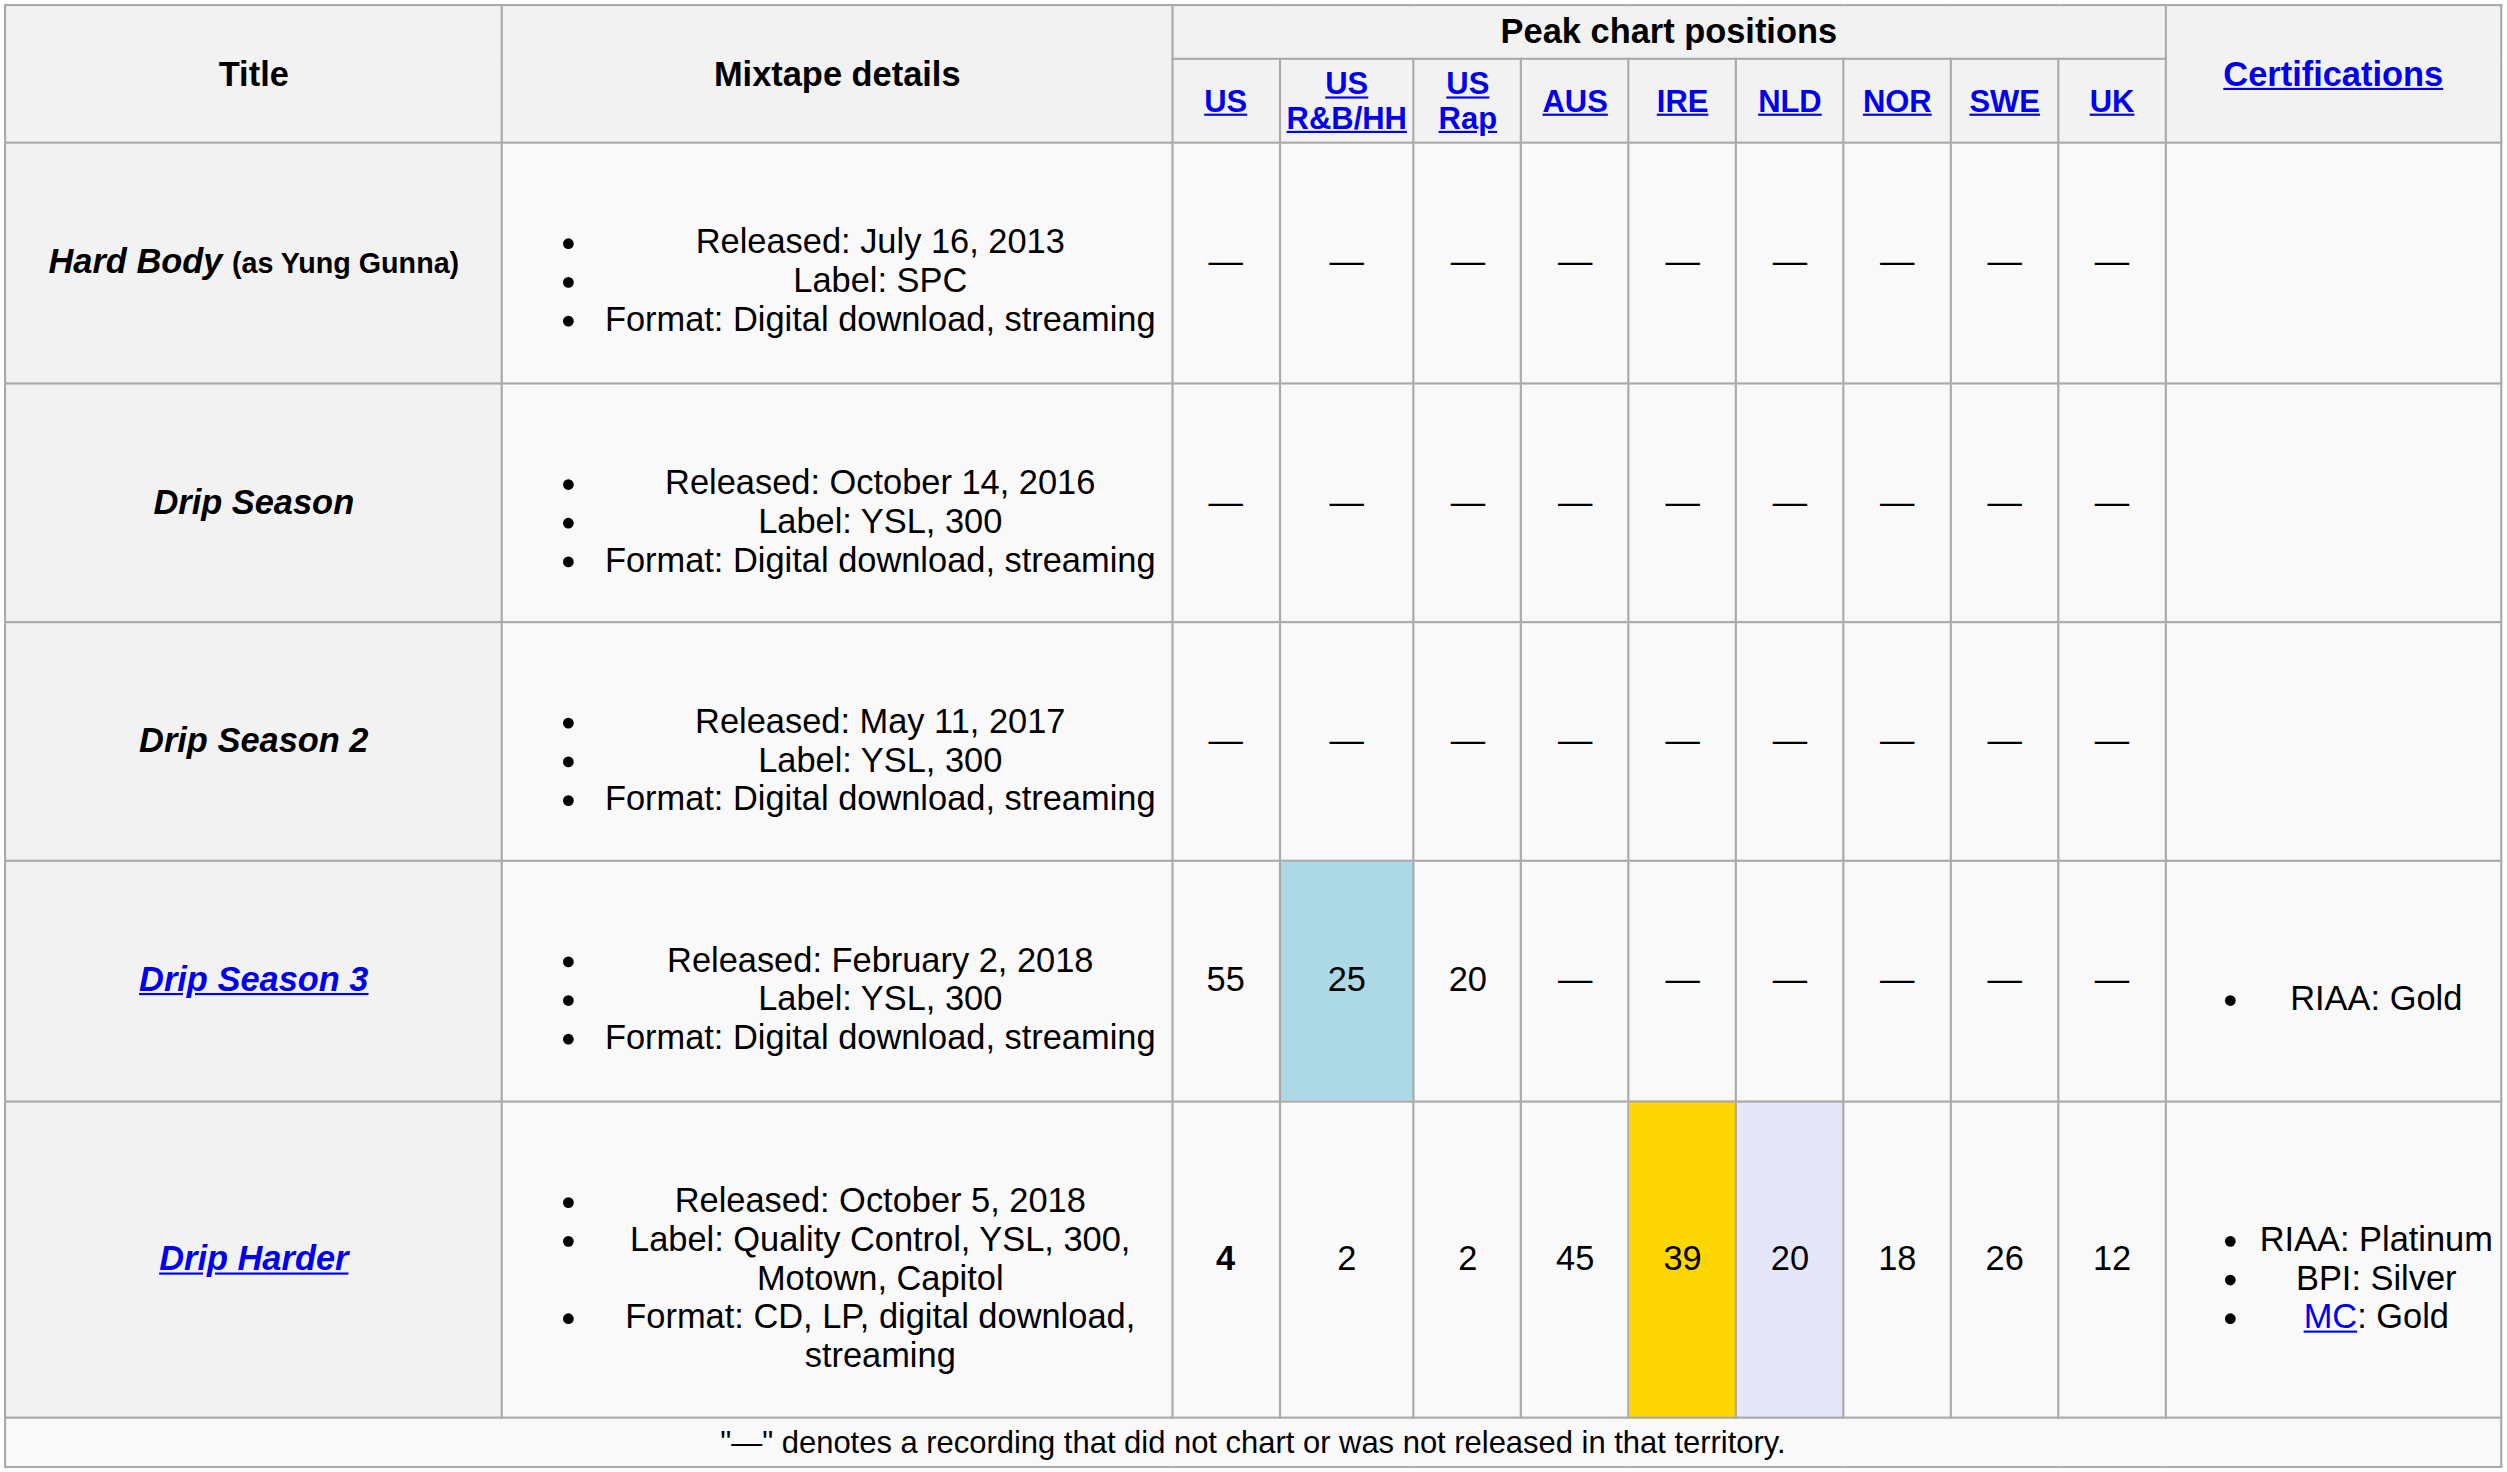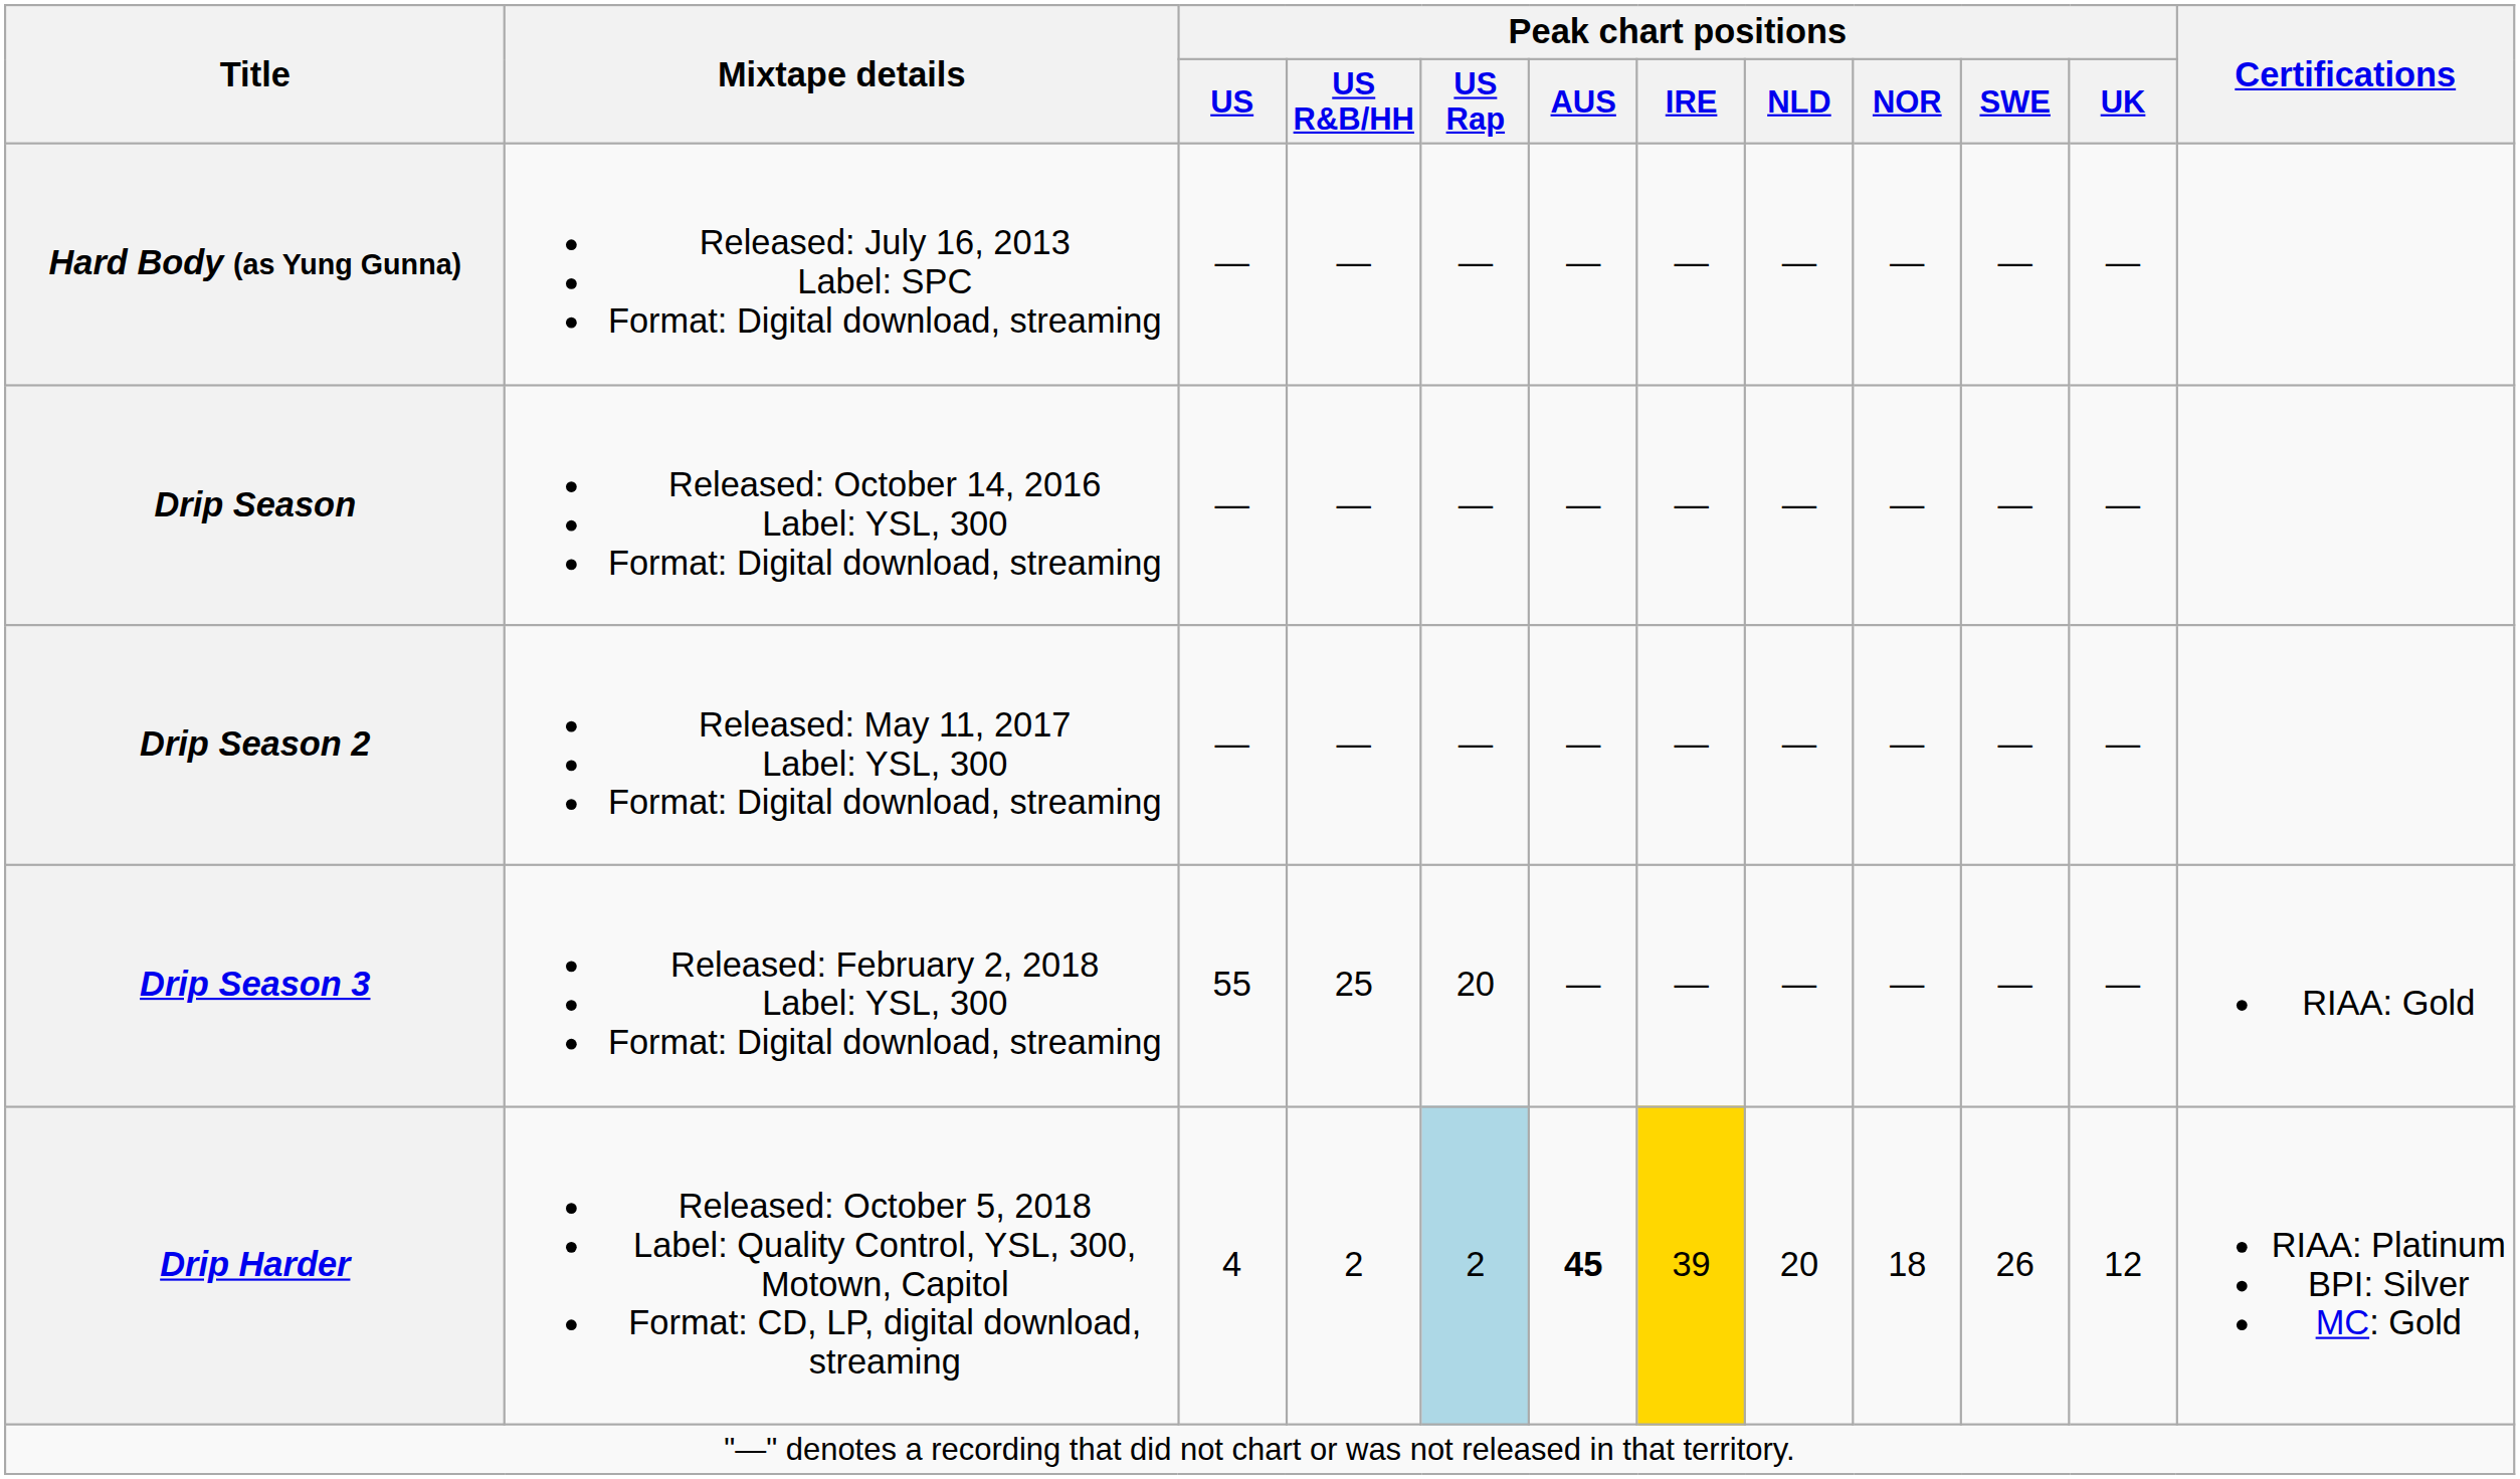 <table class="wikitable plainrowheaders" style="text-align:center;">
 <tr>
 <th scope="col" rowspan="2" style="width:14em;">Title</th>
 <th scope="col" rowspan="2" style="width:19em;">Mixtape details</th>
 <th scope="col" colspan="9">Peak chart positions</th>
 <th scope="col" rowspan="2"><a href='#'>Certifications</a></th>
 </tr>
 <tr>
 <th scope="col" style="width:3em;font-size:90%;"><a href='#'>US</a><br></th>
 <th scope="col" style="width:3em;font-size:90%;"><a href='#'>US R&B/HH</a><br></th>
 <th scope="col" style="width:3em;font-size:90%;"><a href='#'>US<br>Rap</a><br></th>
 <th scope="col" style="width:3em;font-size:90%;"><a href='#'>AUS</a><br></th>
 <th scope="col" style="width:3em;font-size:90%;"><a href='#'>IRE</a><br></th>
 <th scope="col" style="width:3em;font-size:90%;"><a href='#'>NLD</a><br></th>
 <th scope="col" style="width:3em;font-size:90%;"><a href='#'>NOR</a><br></th>
 <th scope="col" style="width:3em;font-size:90%;"><a href='#'>SWE</a><br></th>
 <th scope="col" style="width:3em;font-size:90%;"><a href='#'>UK</a><br></th>
 </tr>
 <tr>
 <th scope="row"><em>Hard Body</em> <small>(as Yung Gunna)</small></th>
 <td><br><ul><li>Released: July 16, 2013</li><li>Label: SPC</li><li>Format: Digital download, streaming</li></ul></td>
 <td>—</td>
 <td>—</td>
 <td>—</td>
 <td>—</td>
 <td>—</td>
 <td>—</td>
 <td>—</td>
 <td>—</td>
 <td>—</td>
 <td></td>
 </tr>
 <tr>
 <th scope="row"><em>Drip Season</em></th>
 <td><br><ul><li>Released: October 14, 2016</li><li>Label: YSL, 300</li><li>Format: Digital download, streaming</li></ul></td>
 <td>—</td>
 <td>—</td>
 <td>—</td>
 <td>—</td>
 <td>—</td>
 <td>—</td>
 <td>—</td>
 <td>—</td>
 <td>—</td>
 <td></td>
 </tr>
 <tr>
 <th scope="row"><em>Drip Season 2</em></th>
 <td><br><ul><li>Released: May 11, 2017</li><li>Label: YSL, 300</li><li>Format: Digital download, streaming</li></ul></td>
 <td>—</td>
 <td>—</td>
 <td>—</td>
 <td>—</td>
 <td>—</td>
 <td>—</td>
 <td>—</td>
 <td>—</td>
 <td>—</td>
 <td></td>
 </tr>
 <tr>
 <th scope="row"><em><a href='#'>Drip Season 3</a></em></th>
 <td><br><ul><li>Released: February 2, 2018</li><li>Label: YSL, 300</li><li>Format: Digital download, streaming</li></ul></td>
 <td>55</td>
-<td style="background: lightblue;">25</td>
+<td>25</td>
 <td>20</td>
 <td>—</td>
 <td>—</td>
 <td>—</td>
 <td>—</td>
 <td>—</td>
 <td>—</td>
 <td><br><ul><li>RIAA: Gold</li></ul></td>
 </tr>
 <tr>
 <th scope="row"><em><a href='#'>Drip Harder</a></em><br></th>
 <td><br><ul><li>Released: October 5, 2018</li><li>Label: Quality Control, YSL, 300, Motown, Capitol</li><li>Format: CD, LP, digital download, streaming</li></ul></td>
-<td><strong>4</strong></td>
+<td>4</td>
 <td>2</td>
-<td>2</td>
-<td>45</td>
+<td style="background: lightblue;">2</td>
+<td><strong>45</strong></td>
 <td style="background: gold;">39</td>
-<td style="background: lavender;">20</td>
+<td>20</td>
 <td>18</td>
 <td>26</td>
 <td>12</td>
 <td><br><ul><li>RIAA: Platinum</li><li>BPI: Silver</li><li><a href='#'>MC</a>: Gold</li></ul></td>
 </tr>
 <tr>
 <td colspan="13" style="font-size:90%">"—" denotes a recording that did not chart or was not released in that territory.</td>
 </tr>
 </table>
